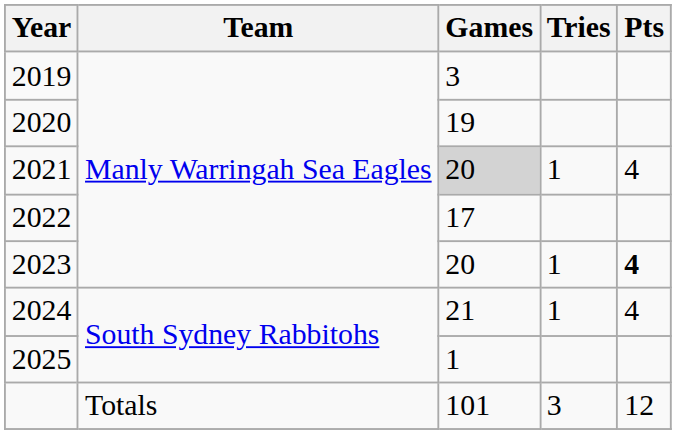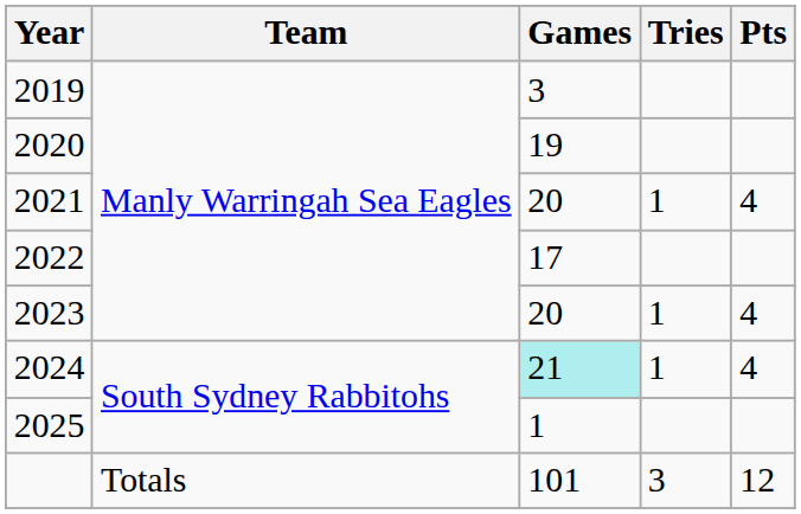 <table class="wikitable">
 <tr>
 <th>Year</th>
 <th>Team</th>
 <th>Games</th>
 <th>Tries</th>
 <th>Pts</th>
 </tr>
 <tr>
 <td>2019</td>
 <td rowspan="5"> <a href='#'>Manly Warringah Sea Eagles</a></td>
 <td>3</td>
 <td></td>
 <td></td>
 </tr>
 <tr>
 <td>2020</td>
 <td>19</td>
 <td></td>
 <td></td>
 </tr>
 <tr>
 <td>2021</td>
-<td style="background: lightgrey;">20</td>
+<td>20</td>
 <td>1</td>
 <td>4</td>
 </tr>
 <tr>
 <td>2022</td>
 <td>17</td>
 <td></td>
 <td></td>
 </tr>
 <tr>
 <td>2023</td>
 <td>20</td>
 <td>1</td>
-<td><strong>4</strong></td>
+<td>4</td>
 </tr>
 <tr>
 <td>2024</td>
 <td rowspan="2"> <a href='#'>South Sydney Rabbitohs</a></td>
-<td>21</td>
+<td style="background: paleturquoise;">21</td>
 <td>1</td>
 <td>4</td>
 </tr>
 <tr>
 <td>2025</td>
 <td>1</td>
 <td></td>
 <td></td>
 </tr>
 <tr>
 <td></td>
 <td>Totals</td>
 <td>101</td>
 <td>3</td>
 <td>12</td>
 </tr>
 </table>
